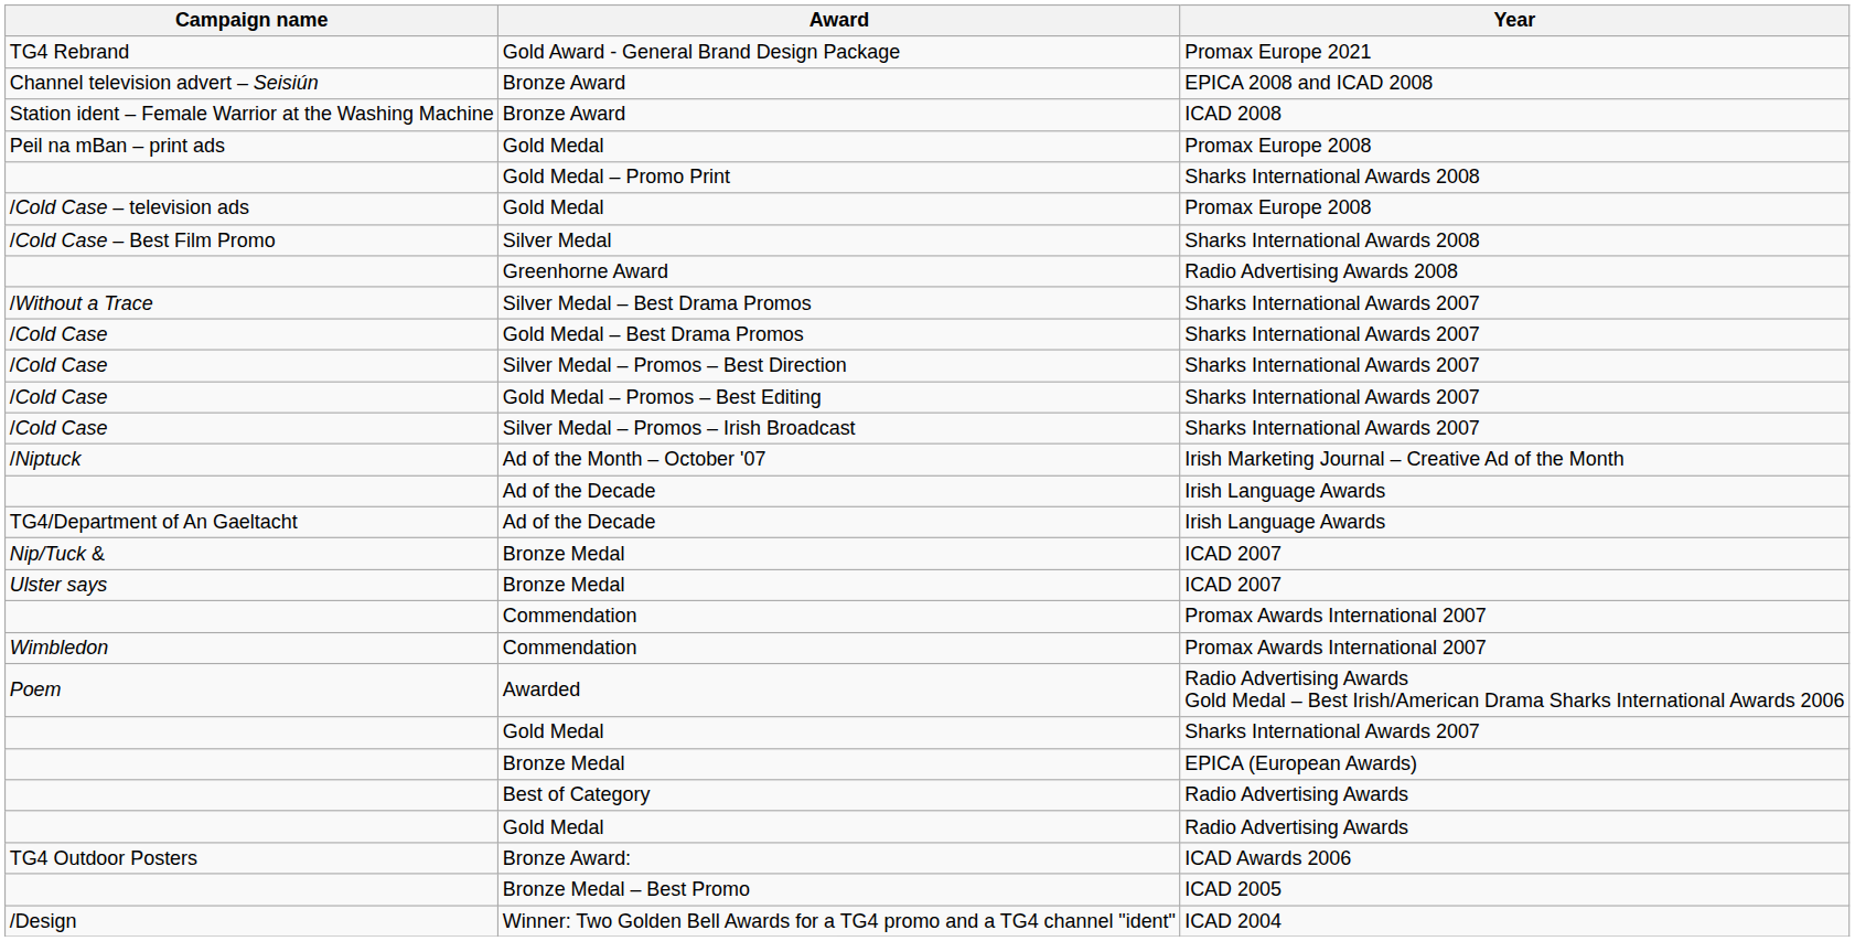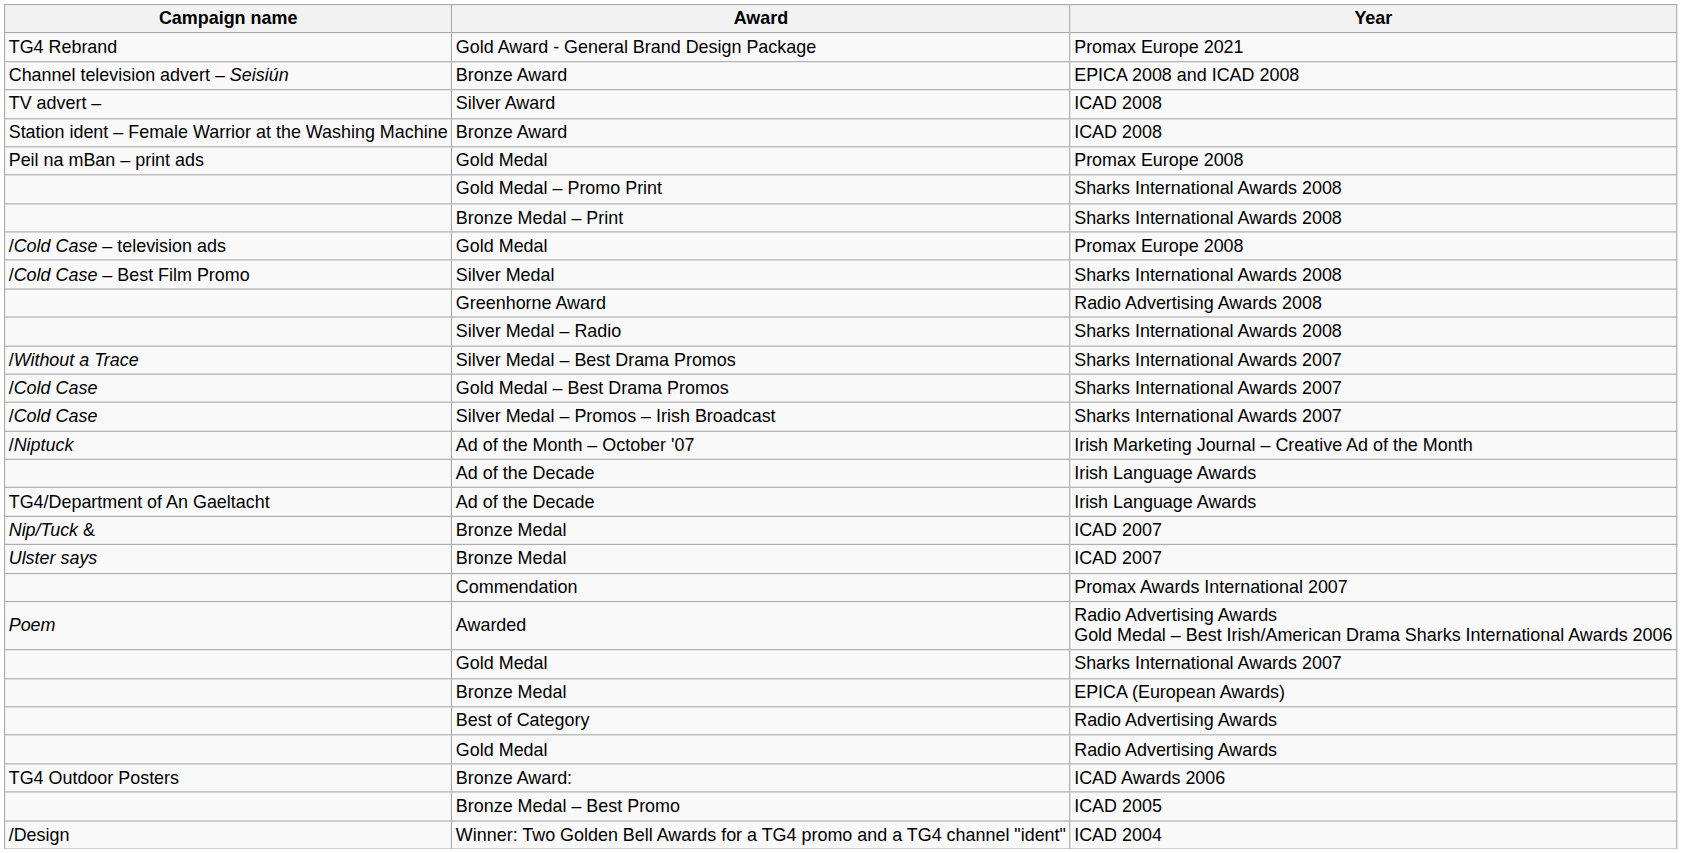 <table class="wikitable">
 <tr>
 <th>Campaign name</th>
 <th>Award</th>
 <th>Year</th>
 </tr>
 <tr>
 <td>TG4 Rebrand</td>
 <td>Gold Award - General Brand Design Package</td>
 <td>Promax Europe 2021</td>
 </tr>
 <tr>
 <td>Channel television advert – <em>Seisiún</em></td>
 <td>Bronze Award</td>
 <td>EPICA 2008 and ICAD 2008</td>
 </tr>
 <tr>
+<td>TV advert – </td>
+<td>Silver Award</td>
+<td>ICAD 2008</td>
+</tr>
+<tr>
 <td>Station ident – Female Warrior at the Washing Machine</td>
 <td>Bronze Award</td>
 <td>ICAD 2008</td>
 </tr>
 <tr>
 <td>Peil na mBan – print ads</td>
 <td>Gold Medal</td>
 <td>Promax Europe 2008</td>
 </tr>
 <tr>
 <td></td>
 <td>Gold Medal – Promo Print</td>
+<td>Sharks International Awards 2008</td>
+</tr>
+<tr>
+<td></td>
+<td>Bronze Medal – Print</td>
 <td>Sharks International Awards 2008</td>
 </tr>
 <tr>
 <td>/<em>Cold Case</em> – television ads</td>
 <td>Gold Medal</td>
 <td>Promax Europe 2008</td>
 </tr>
 <tr>
 <td>/<em>Cold Case</em> – Best Film Promo</td>
 <td>Silver Medal</td>
 <td>Sharks International Awards 2008</td>
 </tr>
 <tr>
 <td></td>
 <td>Greenhorne Award</td>
 <td>Radio Advertising Awards 2008</td>
 </tr>
 <tr>
+<td></td>
+<td>Silver Medal – Radio</td>
+<td>Sharks International Awards 2008</td>
+</tr>
+<tr>
 <td>/<em>Without a Trace</em></td>
 <td>Silver Medal – Best Drama Promos</td>
 <td>Sharks International Awards 2007</td>
 </tr>
 <tr>
 <td>/<em>Cold Case</em></td>
 <td>Gold Medal – Best Drama Promos</td>
-<td>Sharks International Awards 2007</td>
-</tr>
-<tr>
-<td>/<em>Cold Case</em></td>
-<td>Silver Medal – Promos – Best Direction</td>
-<td>Sharks International Awards 2007</td>
-</tr>
-<tr>
-<td>/<em>Cold Case</em></td>
-<td>Gold Medal – Promos – Best Editing</td>
 <td>Sharks International Awards 2007</td>
 </tr>
 <tr>
 <td>/<em>Cold Case</em></td>
 <td>Silver Medal – Promos – Irish Broadcast</td>
 <td>Sharks International Awards 2007</td>
 </tr>
 <tr>
 <td>/<em>Niptuck</em></td>
 <td>Ad of the Month – October '07</td>
 <td>Irish Marketing Journal – Creative Ad of the Month</td>
 </tr>
 <tr>
 <td></td>
 <td>Ad of the Decade</td>
 <td>Irish Language Awards</td>
 </tr>
 <tr>
 <td>TG4/Department of An Gaeltacht</td>
 <td>Ad of the Decade</td>
 <td>Irish Language Awards</td>
 </tr>
 <tr>
 <td><em>Nip/Tuck</em> & </td>
 <td>Bronze Medal</td>
 <td>ICAD 2007</td>
 </tr>
 <tr>
 <td><em>Ulster says </em></td>
 <td>Bronze Medal</td>
 <td>ICAD 2007</td>
 </tr>
 <tr>
 <td></td>
-<td>Commendation</td>
-<td>Promax Awards International 2007</td>
-</tr>
-<tr>
-<td><em>Wimbledon</em></td>
 <td>Commendation</td>
 <td>Promax Awards International 2007</td>
 </tr>
 <tr>
 <td><em>Poem</em></td>
 <td>Awarded</td>
 <td>Radio Advertising Awards<br>Gold Medal – Best Irish/American Drama Sharks International Awards 2006</td>
 </tr>
 <tr>
 <td></td>
 <td>Gold Medal</td>
 <td>Sharks International Awards 2007</td>
 </tr>
 <tr>
 <td></td>
 <td>Bronze Medal</td>
 <td>EPICA (European Awards)</td>
 </tr>
 <tr>
 <td></td>
 <td>Best of Category</td>
 <td>Radio Advertising Awards</td>
 </tr>
 <tr>
 <td></td>
 <td>Gold Medal</td>
 <td>Radio Advertising Awards</td>
 </tr>
 <tr>
 <td>TG4 Outdoor Posters</td>
 <td>Bronze Award:</td>
 <td>ICAD Awards 2006</td>
 </tr>
 <tr>
 <td></td>
 <td>Bronze Medal – Best Promo</td>
 <td>ICAD 2005</td>
 </tr>
 <tr>
 <td>/Design</td>
 <td>Winner: Two Golden Bell Awards for a TG4 promo and a TG4 channel "ident"</td>
 <td>ICAD 2004</td>
 </tr>
 </table>
